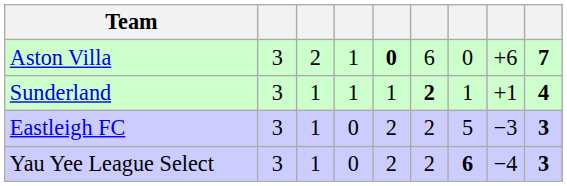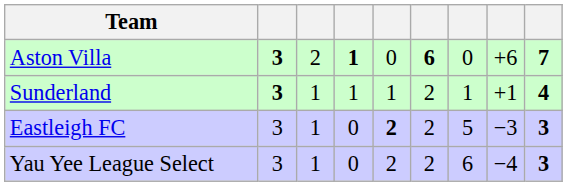 <table class="wikitable" style="text-align:center;">
 <tr>
 <th width=175>Team</th>
 <th width=20></th>
 <th width=20></th>
 <th width=20></th>
 <th width=20></th>
 <th width=20></th>
 <th width=20></th>
 <th width=20></th>
 <th width=20></th>
 </tr>
 <tr bgcolor="#ccffcc">
 <td align="left"><a href='#'>Aston Villa</a></td>
-<td>3</td>
+<td><strong>3</strong></td>
 <td>2</td>
-<td>1</td>
-<td><strong>0</strong></td>
-<td>6</td>
+<td><strong>1</strong></td>
+<td>0</td>
+<td><strong>6</strong></td>
 <td>0</td>
 <td>+6</td>
 <td><strong>7</strong></td>
 </tr>
 <tr bgcolor="#ccffcc">
 <td align="left"><a href='#'>Sunderland</a></td>
-<td>3</td>
+<td><strong>3</strong></td>
 <td>1</td>
 <td>1</td>
 <td>1</td>
-<td><strong>2</strong></td>
+<td>2</td>
 <td>1</td>
 <td>+1</td>
 <td><strong>4</strong></td>
 </tr>
 <tr bgcolor="#ccccff">
 <td align="left"><a href='#'>Eastleigh FC</a></td>
 <td>3</td>
 <td>1</td>
 <td>0</td>
-<td>2</td>
+<td><strong>2</strong></td>
 <td>2</td>
 <td>5</td>
 <td>−3</td>
 <td><strong>3</strong></td>
 </tr>
 <tr bgcolor="#ccccff">
 <td align="left">Yau Yee League Select</td>
 <td>3</td>
 <td>1</td>
 <td>0</td>
 <td>2</td>
 <td>2</td>
-<td><strong>6</strong></td>
+<td>6</td>
 <td>−4</td>
 <td><strong>3</strong></td>
 </tr>
 </table>
